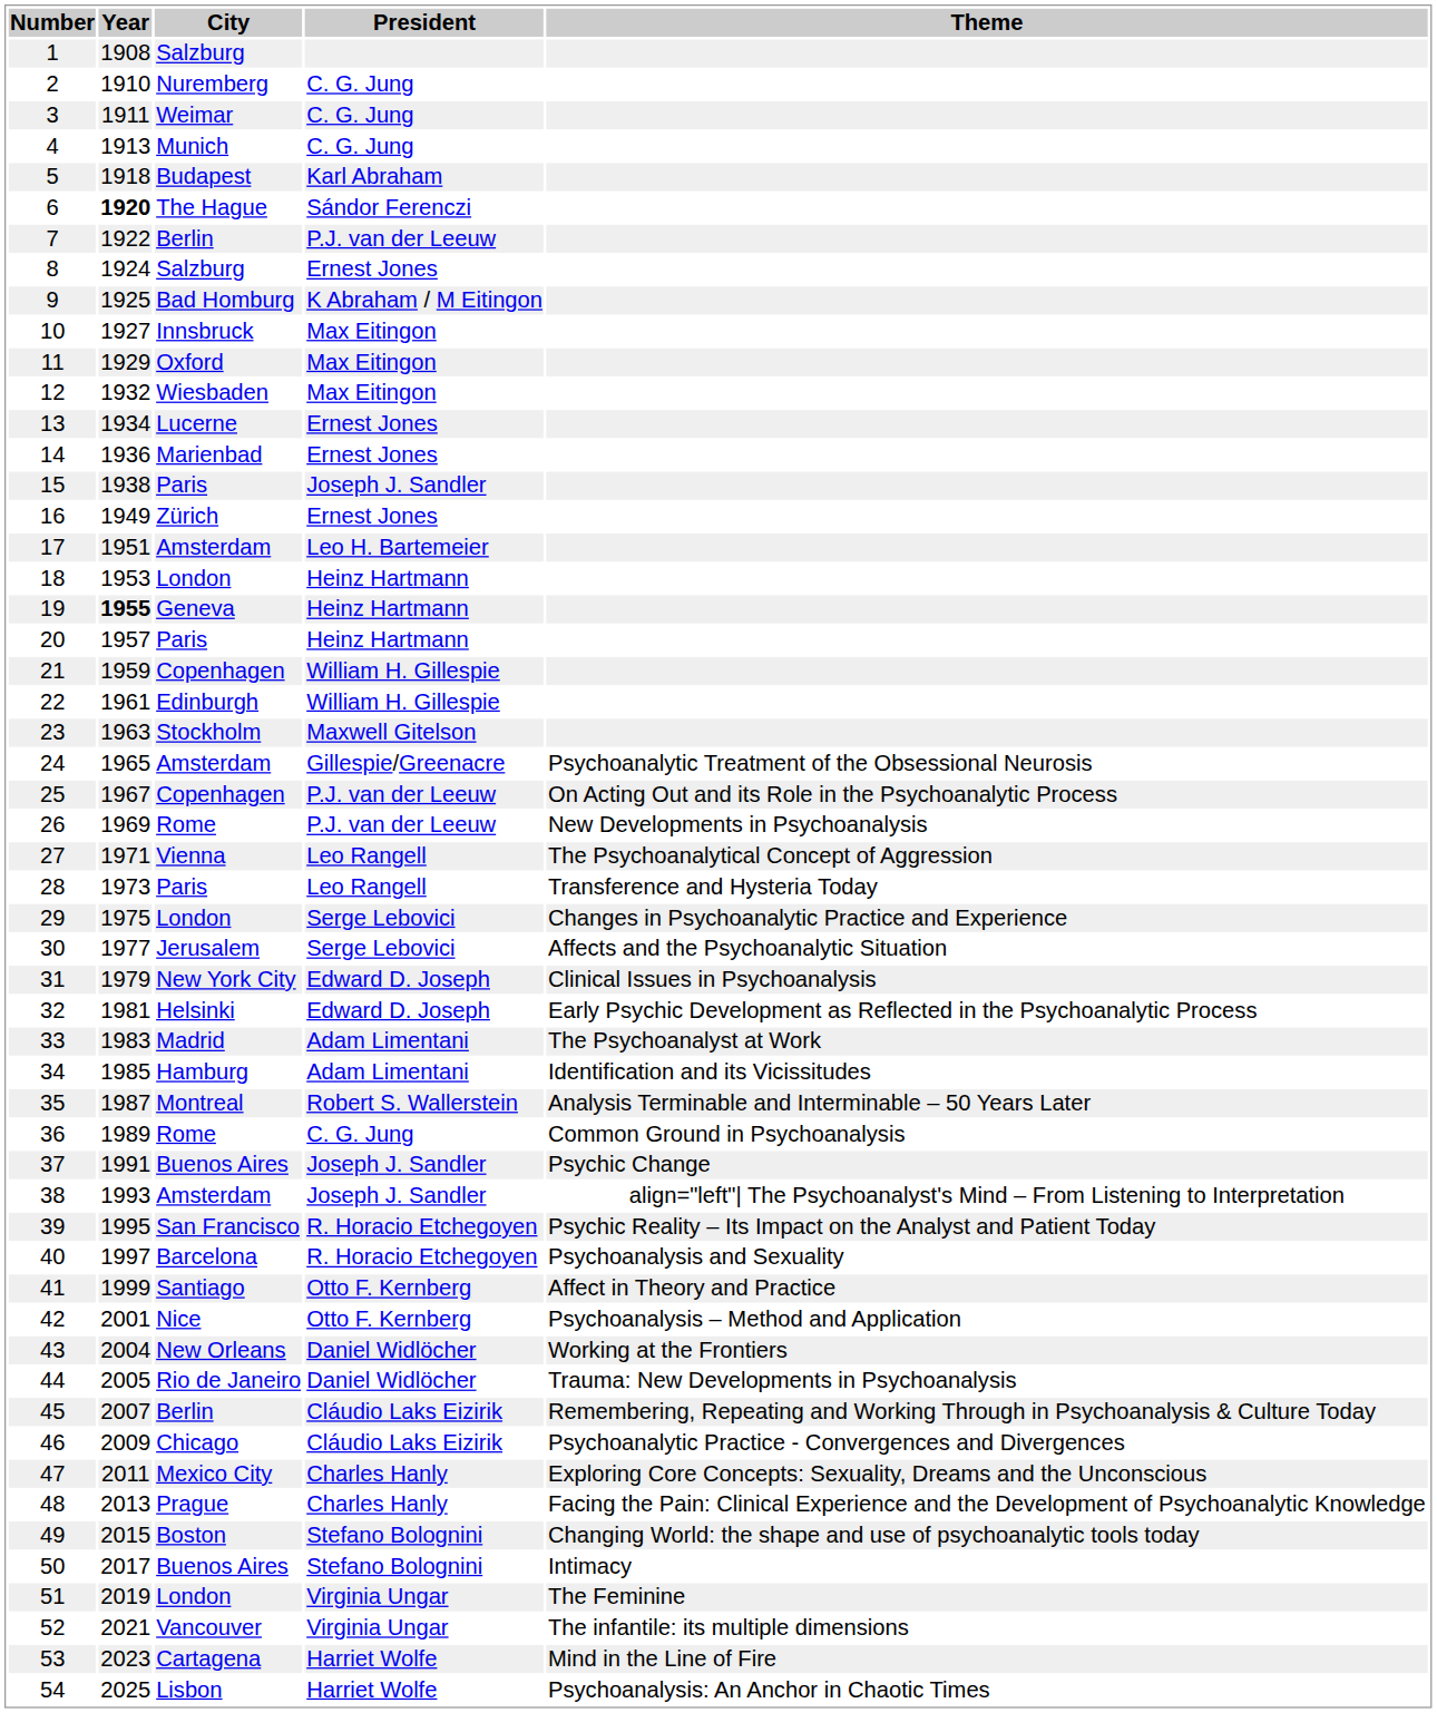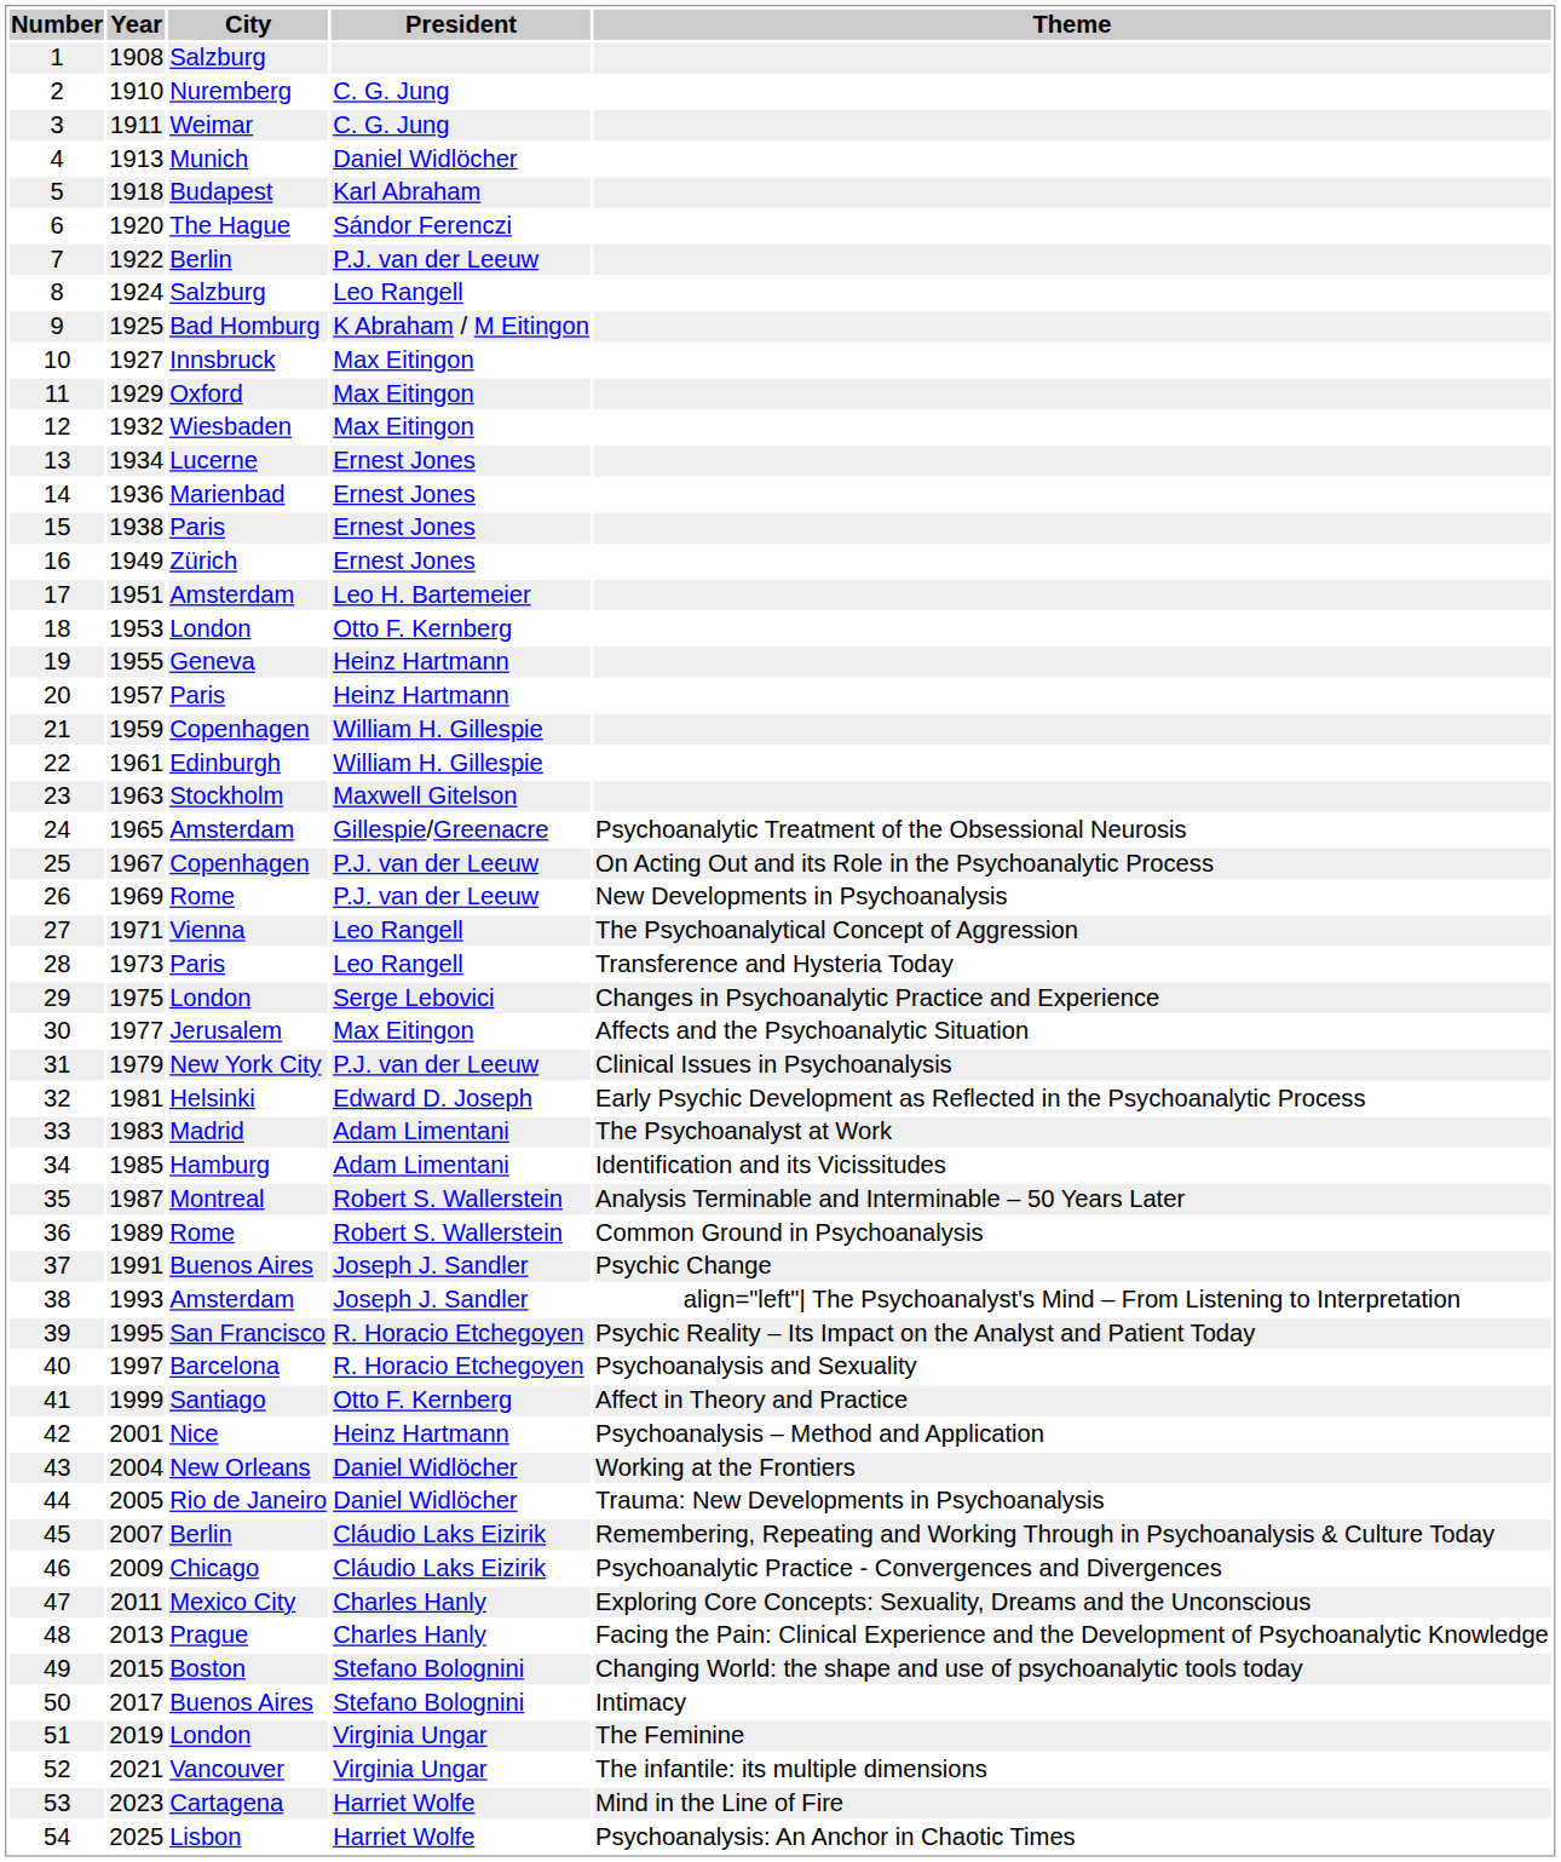 <table border="0" style="border: 1px solid #999; background-color:#FFFFFF; text-align:center">
 <tr align="center" bgcolor="#CCCCCC">
 <th>Number</th>
 <th>Year</th>
 <th>City</th>
 <th>President</th>
 <th>Theme</th>
 </tr>
 <tr bgcolor="#EFEFEF">
 <td>1</td>
 <td>1908</td>
 <td align="left"> <a href='#'>Salzburg</a></td>
 <td align="left"></td>
 <td align="left"></td>
 </tr>
 <tr>
 <td>2</td>
 <td>1910</td>
 <td align="left"> <a href='#'>Nuremberg</a></td>
 <td align="left"><a href='#'>C. G. Jung</a></td>
 <td align="left"></td>
 </tr>
 <tr bgcolor="#EFEFEF">
 <td>3</td>
 <td>1911</td>
 <td align="left"> <a href='#'>Weimar</a></td>
 <td align="left"><a href='#'>C. G. Jung</a></td>
 <td align="left"></td>
 </tr>
 <tr>
 <td>4</td>
 <td>1913</td>
 <td align="left"> <a href='#'>Munich</a></td>
-<td align="left"><a href='#'>C. G. Jung</a></td>
+<td align="left"><a href='#'>Daniel Widlöcher</a></td>
 <td align="left"></td>
 </tr>
 <tr bgcolor="#EFEFEF">
 <td>5</td>
 <td>1918</td>
 <td align="left"> <a href='#'>Budapest</a></td>
 <td align="left"><a href='#'>Karl Abraham</a></td>
 <td align="left"></td>
 </tr>
 <tr>
 <td>6</td>
-<td><strong>1920</strong></td>
+<td>1920</td>
 <td align="left"> <a href='#'>The Hague</a></td>
 <td align="left"><a href='#'>Sándor Ferenczi</a></td>
 <td align="left"></td>
 </tr>
 <tr bgcolor="#EFEFEF">
 <td>7</td>
 <td>1922</td>
 <td align="left"> <a href='#'>Berlin</a></td>
 <td align="left"><a href='#'>P.J. van der Leeuw</a></td>
 <td align="left"></td>
 </tr>
 <tr>
 <td>8</td>
 <td>1924</td>
 <td align="left"> <a href='#'>Salzburg</a></td>
-<td align="left"><a href='#'>Ernest Jones</a></td>
+<td align="left"><a href='#'>Leo Rangell</a></td>
 <td align="left"></td>
 </tr>
 <tr bgcolor="#EFEFEF">
 <td>9</td>
 <td>1925</td>
 <td align="left"> <a href='#'>Bad Homburg</a></td>
 <td align="left"><a href='#'>K Abraham</a> / <a href='#'>M Eitingon</a></td>
 <td align="left"></td>
 </tr>
 <tr>
 <td>10</td>
 <td>1927</td>
 <td align="left"> <a href='#'>Innsbruck</a></td>
 <td align="left"><a href='#'>Max Eitingon</a></td>
 <td align="left"></td>
 </tr>
 <tr bgcolor="#EFEFEF">
 <td>11</td>
 <td>1929</td>
 <td align="left"> <a href='#'>Oxford</a></td>
 <td align="left"><a href='#'>Max Eitingon</a></td>
 <td align="left"></td>
 </tr>
 <tr>
 <td>12</td>
 <td>1932</td>
 <td align="left"> <a href='#'>Wiesbaden</a></td>
 <td align="left"><a href='#'>Max Eitingon</a></td>
 <td align="left"></td>
 </tr>
 <tr bgcolor="#EFEFEF">
 <td>13</td>
 <td>1934</td>
 <td align="left"> <a href='#'>Lucerne</a></td>
 <td align="left"><a href='#'>Ernest Jones</a></td>
 <td></td>
 </tr>
 <tr>
 <td>14</td>
 <td>1936</td>
 <td align="left"> <a href='#'>Marienbad</a></td>
 <td align="left"><a href='#'>Ernest Jones</a></td>
 <td align="left"></td>
 </tr>
 <tr bgcolor="#EFEFEF">
 <td>15</td>
 <td>1938</td>
 <td align="left"> <a href='#'>Paris</a></td>
-<td align="left"><a href='#'>Joseph J. Sandler</a></td>
+<td align="left"><a href='#'>Ernest Jones</a></td>
 <td align="left"></td>
 </tr>
 <tr>
 <td>16</td>
 <td>1949</td>
 <td align="left"> <a href='#'>Zürich</a></td>
 <td align="left"><a href='#'>Ernest Jones</a></td>
 <td align="left"></td>
 </tr>
 <tr bgcolor="#EFEFEF">
 <td>17</td>
 <td>1951</td>
 <td align="left"> <a href='#'>Amsterdam</a></td>
 <td align="left"><a href='#'>Leo H. Bartemeier</a></td>
 <td align="left"></td>
 </tr>
 <tr>
 <td>18</td>
 <td>1953</td>
 <td align="left"> <a href='#'>London</a></td>
-<td align="left"><a href='#'>Heinz Hartmann</a></td>
+<td align="left"><a href='#'>Otto F. Kernberg</a></td>
 <td align="left"></td>
 </tr>
 <tr bgcolor="#EFEFEF">
 <td>19</td>
-<td><strong>1955</strong></td>
+<td>1955</td>
 <td align="left"> <a href='#'>Geneva</a></td>
 <td align="left"><a href='#'>Heinz Hartmann</a></td>
 <td align="left"></td>
 </tr>
 <tr>
 <td>20</td>
 <td>1957</td>
 <td align="left"> <a href='#'>Paris</a></td>
 <td align="left"><a href='#'>Heinz Hartmann</a></td>
 <td align="left"></td>
 </tr>
 <tr bgcolor="#EFEFEF">
 <td>21</td>
 <td>1959</td>
 <td align="left"> <a href='#'>Copenhagen</a></td>
 <td align="left"><a href='#'>William H. Gillespie</a></td>
 <td align="left"></td>
 </tr>
 <tr>
 <td>22</td>
 <td>1961</td>
 <td align="left"> <a href='#'>Edinburgh</a></td>
 <td align="left"><a href='#'>William H. Gillespie</a></td>
 <td align="left"></td>
 </tr>
 <tr bgcolor="#EFEFEF">
 <td>23</td>
 <td>1963</td>
 <td align="left"> <a href='#'>Stockholm</a></td>
 <td align="left"><a href='#'>Maxwell Gitelson</a></td>
 <td align="left"></td>
 </tr>
 <tr>
 <td>24</td>
 <td>1965</td>
 <td align="left"> <a href='#'>Amsterdam</a></td>
 <td align="left"><a href='#'>Gillespie</a>/<a href='#'>Greenacre</a></td>
 <td align="left">Psychoanalytic Treatment of the Obsessional Neurosis</td>
 </tr>
 <tr bgcolor="#EFEFEF">
 <td>25</td>
 <td>1967</td>
 <td align="left"> <a href='#'>Copenhagen</a></td>
 <td align="left"><a href='#'>P.J. van der Leeuw</a></td>
 <td align="left">On Acting Out and its Role in the Psychoanalytic Process</td>
 </tr>
 <tr>
 <td>26</td>
 <td>1969</td>
 <td align="left"> <a href='#'>Rome</a></td>
 <td align="left"><a href='#'>P.J. van der Leeuw</a></td>
 <td align="left">New Developments in Psychoanalysis</td>
 </tr>
 <tr bgcolor="#EFEFEF">
 <td>27</td>
 <td>1971</td>
 <td align="left"> <a href='#'>Vienna</a></td>
 <td align="left"><a href='#'>Leo Rangell</a></td>
 <td align="left">The Psychoanalytical Concept of Aggression</td>
 </tr>
 <tr>
 <td>28</td>
 <td>1973</td>
 <td align="left"> <a href='#'>Paris</a></td>
 <td align="left"><a href='#'>Leo Rangell</a></td>
 <td align="left">Transference and Hysteria Today</td>
 </tr>
 <tr bgcolor="#EFEFEF">
 <td>29</td>
 <td>1975</td>
 <td align="left"> <a href='#'>London</a></td>
 <td align="left"><a href='#'>Serge Lebovici</a></td>
 <td align="left">Changes in Psychoanalytic Practice and Experience</td>
 </tr>
 <tr>
 <td>30</td>
 <td>1977</td>
 <td align="left"> <a href='#'>Jerusalem</a></td>
-<td align="left"><a href='#'>Serge Lebovici</a></td>
+<td align="left"><a href='#'>Max Eitingon</a></td>
 <td align="left">Affects and the Psychoanalytic Situation</td>
 </tr>
 <tr bgcolor="#EFEFEF">
 <td>31</td>
 <td>1979</td>
 <td align="left"> <a href='#'>New York City</a></td>
-<td align="left"><a href='#'>Edward D. Joseph</a></td>
+<td align="left"><a href='#'>P.J. van der Leeuw</a></td>
 <td align="left">Clinical Issues in Psychoanalysis</td>
 </tr>
 <tr>
 <td>32</td>
 <td>1981</td>
 <td align="left"> <a href='#'>Helsinki</a></td>
 <td align="left"><a href='#'>Edward D. Joseph</a></td>
 <td align="left">Early Psychic Development as Reflected in the Psychoanalytic Process</td>
 </tr>
 <tr bgcolor="#EFEFEF">
 <td>33</td>
 <td>1983</td>
 <td align="left"> <a href='#'>Madrid</a></td>
 <td align="left"><a href='#'>Adam Limentani</a></td>
 <td align="left">The Psychoanalyst at Work</td>
 </tr>
 <tr>
 <td>34</td>
 <td>1985</td>
 <td align="left"> <a href='#'>Hamburg</a></td>
 <td align="left"><a href='#'>Adam Limentani</a></td>
 <td align="left">Identification and its Vicissitudes</td>
 </tr>
 <tr bgcolor="#EFEFEF">
 <td>35</td>
 <td>1987</td>
 <td align="left"> <a href='#'>Montreal</a></td>
 <td align="left"><a href='#'>Robert S. Wallerstein</a></td>
 <td align="left">Analysis Terminable and Interminable – 50 Years Later</td>
 </tr>
 <tr>
 <td>36</td>
 <td>1989</td>
 <td align="left"> <a href='#'>Rome</a></td>
-<td align="left"><a href='#'>C. G. Jung</a></td>
+<td align="left"><a href='#'>Robert S. Wallerstein</a></td>
 <td align="left">Common Ground in Psychoanalysis</td>
 </tr>
 <tr bgcolor="#EFEFEF">
 <td>37</td>
 <td>1991</td>
 <td align="left"> <a href='#'>Buenos Aires</a></td>
 <td align="left"><a href='#'>Joseph J. Sandler</a></td>
 <td align="left">Psychic Change</td>
 </tr>
 <tr>
 <td>38</td>
 <td>1993</td>
 <td align="left"> <a href='#'>Amsterdam</a></td>
 <td align="left"><a href='#'>Joseph J. Sandler</a></td>
 <td>align="left"| The Psychoanalyst's Mind – From Listening to Interpretation</td>
 </tr>
 <tr bgcolor="#EFEFEF">
 <td>39</td>
 <td>1995</td>
 <td align="left"> <a href='#'>San Francisco</a></td>
 <td align="left"><a href='#'>R. Horacio Etchegoyen</a></td>
 <td align="left">Psychic Reality – Its Impact on the Analyst and Patient Today</td>
 </tr>
 <tr>
 <td>40</td>
 <td>1997</td>
 <td align="left"> <a href='#'>Barcelona</a></td>
 <td align="left"><a href='#'>R. Horacio Etchegoyen</a></td>
 <td align="left">Psychoanalysis and Sexuality</td>
 </tr>
 <tr bgcolor="#EFEFEF">
 <td>41</td>
 <td>1999</td>
 <td align="left"> <a href='#'>Santiago</a></td>
 <td align="left"><a href='#'>Otto F. Kernberg</a></td>
 <td align="left">Affect in Theory and Practice</td>
 </tr>
 <tr>
 <td>42</td>
 <td>2001</td>
 <td align="left"> <a href='#'>Nice</a></td>
-<td align="left"><a href='#'>Otto F. Kernberg</a></td>
+<td align="left"><a href='#'>Heinz Hartmann</a></td>
 <td align="left">Psychoanalysis – Method and Application</td>
 </tr>
 <tr bgcolor="#EFEFEF">
 <td>43</td>
 <td>2004</td>
 <td align="left"> <a href='#'>New Orleans</a></td>
 <td align="left"><a href='#'>Daniel Widlöcher</a></td>
 <td align="left">Working at the Frontiers</td>
 </tr>
 <tr>
 <td>44</td>
 <td>2005</td>
 <td align="left"> <a href='#'>Rio de Janeiro</a></td>
 <td align="left"><a href='#'>Daniel Widlöcher</a></td>
 <td align="left">Trauma: New Developments in Psychoanalysis</td>
 </tr>
 <tr bgcolor="#EFEFEF">
 <td>45</td>
 <td>2007</td>
 <td align="left"> <a href='#'>Berlin</a></td>
 <td align="left"><a href='#'>Cláudio Laks Eizirik</a></td>
 <td align="left">Remembering, Repeating and Working Through in Psychoanalysis & Culture Today</td>
 </tr>
 <tr>
 <td>46</td>
 <td>2009</td>
 <td align="left"> <a href='#'>Chicago</a></td>
 <td align="left"><a href='#'>Cláudio Laks Eizirik</a></td>
 <td align="left">Psychoanalytic Practice - Convergences and Divergences</td>
 </tr>
 <tr bgcolor="#EFEFEF">
 <td>47</td>
 <td>2011</td>
 <td align="left"> <a href='#'>Mexico City</a></td>
 <td align="left"><a href='#'>Charles Hanly</a></td>
 <td align="left">Exploring Core Concepts: Sexuality, Dreams and the Unconscious</td>
 </tr>
 <tr>
 <td>48</td>
 <td>2013</td>
 <td align="left"> <a href='#'>Prague</a></td>
 <td align="left"><a href='#'>Charles Hanly</a></td>
 <td align="left">Facing the Pain: Clinical Experience and the Development of Psychoanalytic Knowledge</td>
 </tr>
 <tr bgcolor="#EFEFEF">
 <td>49</td>
 <td>2015</td>
 <td align="left"> <a href='#'>Boston</a></td>
 <td align="left"><a href='#'>Stefano Bolognini</a></td>
 <td align="left">Changing World: the shape and use of psychoanalytic tools today</td>
 </tr>
 <tr>
 <td>50</td>
 <td>2017</td>
 <td align="left"> <a href='#'>Buenos Aires</a></td>
 <td align="left"><a href='#'>Stefano Bolognini</a></td>
 <td align="left">Intimacy</td>
 </tr>
 <tr bgcolor="#EFEFEF">
 <td>51</td>
 <td>2019</td>
 <td align="left"> <a href='#'>London</a></td>
 <td align="left"><a href='#'>Virginia Ungar</a></td>
 <td align="left">The Feminine</td>
 </tr>
 <tr>
 <td>52</td>
 <td>2021</td>
 <td align="left"> <a href='#'>Vancouver</a></td>
 <td align="left"><a href='#'>Virginia Ungar</a></td>
 <td align="left">The infantile: its multiple dimensions</td>
 </tr>
 <tr bgcolor="#EFEFEF">
 <td>53</td>
 <td>2023</td>
 <td align="left"> <a href='#'>Cartagena</a></td>
 <td align="left"><a href='#'>Harriet Wolfe</a></td>
 <td align="left">Mind in the Line of Fire</td>
 </tr>
 <tr>
 <td>54</td>
 <td>2025</td>
 <td align="left"> <a href='#'>Lisbon</a></td>
 <td align="left"><a href='#'>Harriet Wolfe</a></td>
 <td align="left">Psychoanalysis: An Anchor in Chaotic Times</td>
 </tr>
 </table>
